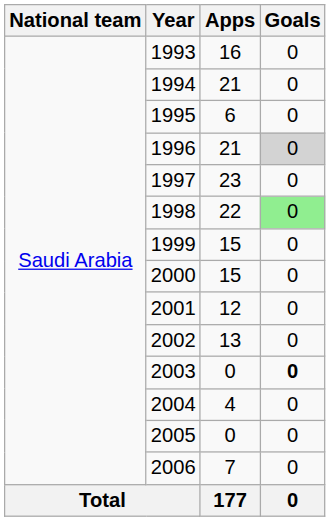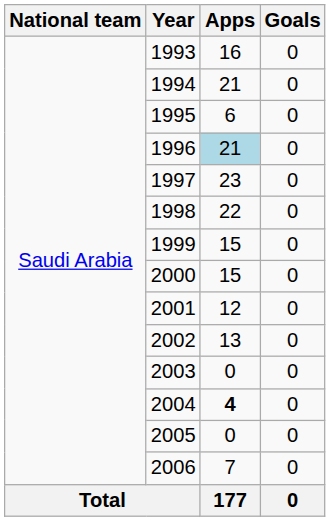 <table class="wikitable" style="text-align:center">
 <tr>
 <th>National team</th>
 <th>Year</th>
 <th>Apps</th>
 <th>Goals</th>
 </tr>
 <tr>
 <td rowspan="14"><a href='#'>Saudi Arabia</a></td>
 <td>1993</td>
 <td>16</td>
 <td>0</td>
 </tr>
 <tr>
 <td>1994</td>
 <td>21</td>
 <td>0</td>
 </tr>
 <tr>
 <td>1995</td>
 <td>6</td>
 <td>0</td>
 </tr>
 <tr>
 <td>1996</td>
-<td>21</td>
-<td style="background: lightgrey;">0</td>
+<td style="background: lightblue;">21</td>
+<td>0</td>
 </tr>
 <tr>
 <td>1997</td>
 <td>23</td>
 <td>0</td>
 </tr>
 <tr>
 <td>1998</td>
 <td>22</td>
-<td style="background: lightgreen;">0</td>
+<td>0</td>
 </tr>
 <tr>
 <td>1999</td>
 <td>15</td>
 <td>0</td>
 </tr>
 <tr>
 <td>2000</td>
 <td>15</td>
 <td>0</td>
 </tr>
 <tr>
 <td>2001</td>
 <td>12</td>
 <td>0</td>
 </tr>
 <tr>
 <td>2002</td>
 <td>13</td>
 <td>0</td>
 </tr>
 <tr>
 <td>2003</td>
 <td>0</td>
-<td><strong>0</strong></td>
+<td>0</td>
 </tr>
 <tr>
 <td>2004</td>
-<td>4</td>
+<td><strong>4</strong></td>
 <td>0</td>
 </tr>
 <tr>
 <td>2005</td>
 <td>0</td>
 <td>0</td>
 </tr>
 <tr>
 <td>2006</td>
 <td>7</td>
 <td>0</td>
 </tr>
 <tr>
 <th colspan="2">Total</th>
 <th>177</th>
 <th>0</th>
 </tr>
 </table>
